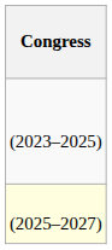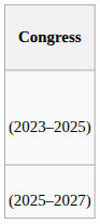 <table class="wikitable" style="float:left; margin:0; margin-right:-0.5px; margin-top:14px; text-align:center;">
 <tr style="white-space:nowrap; height:4.08em;">
 <th>Congress</th>
 </tr>
 <tr style="white-space:nowrap; height:5.85em">
 <td><strong></strong><br>(2023–2025)</td>
 </tr>
 <tr style="white-space:nowrap; height:3.32em">
-<td style="background: lightyellow;"><strong></strong><br>(2025–2027)</td>
+<td><strong></strong><br>(2025–2027)</td>
 </tr>
 </table>
